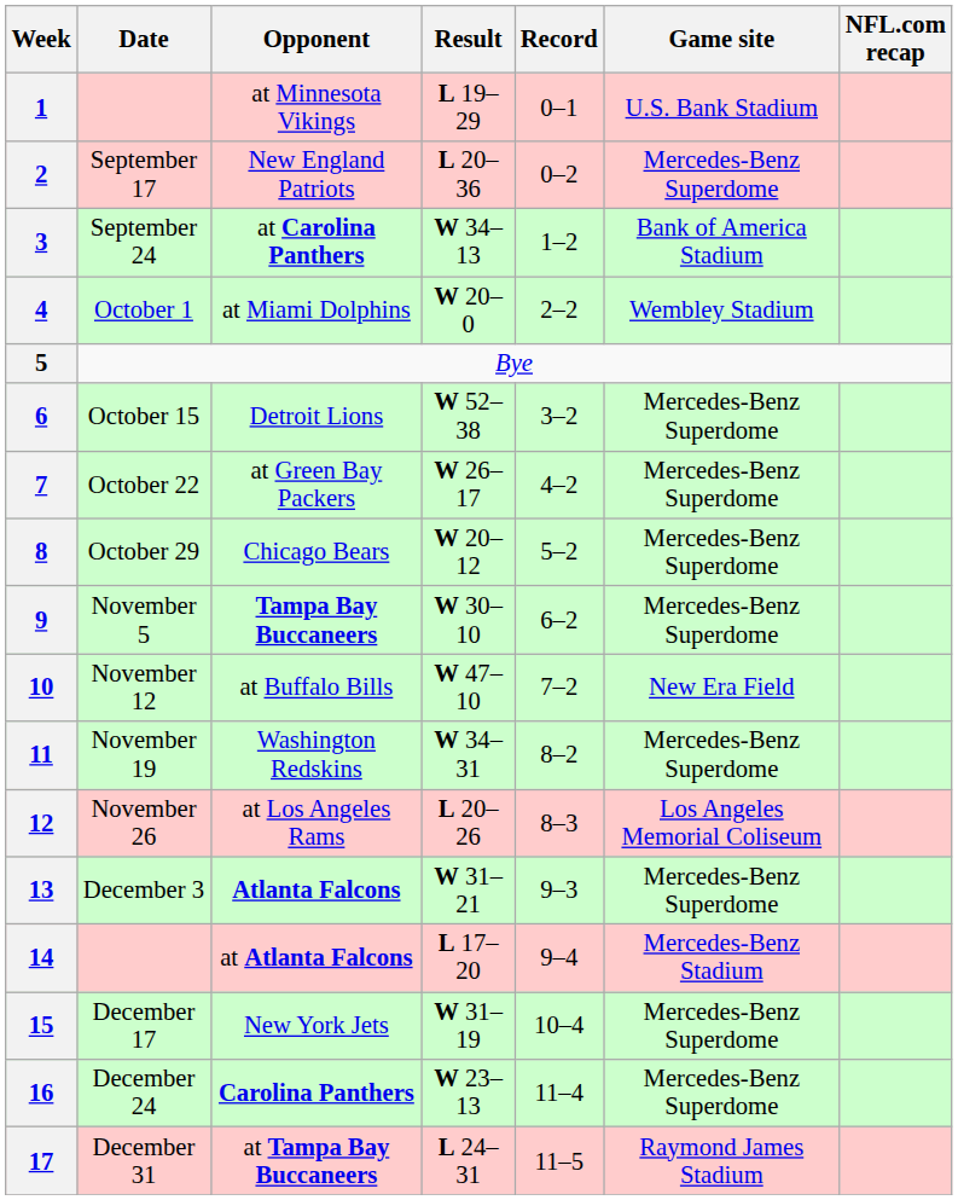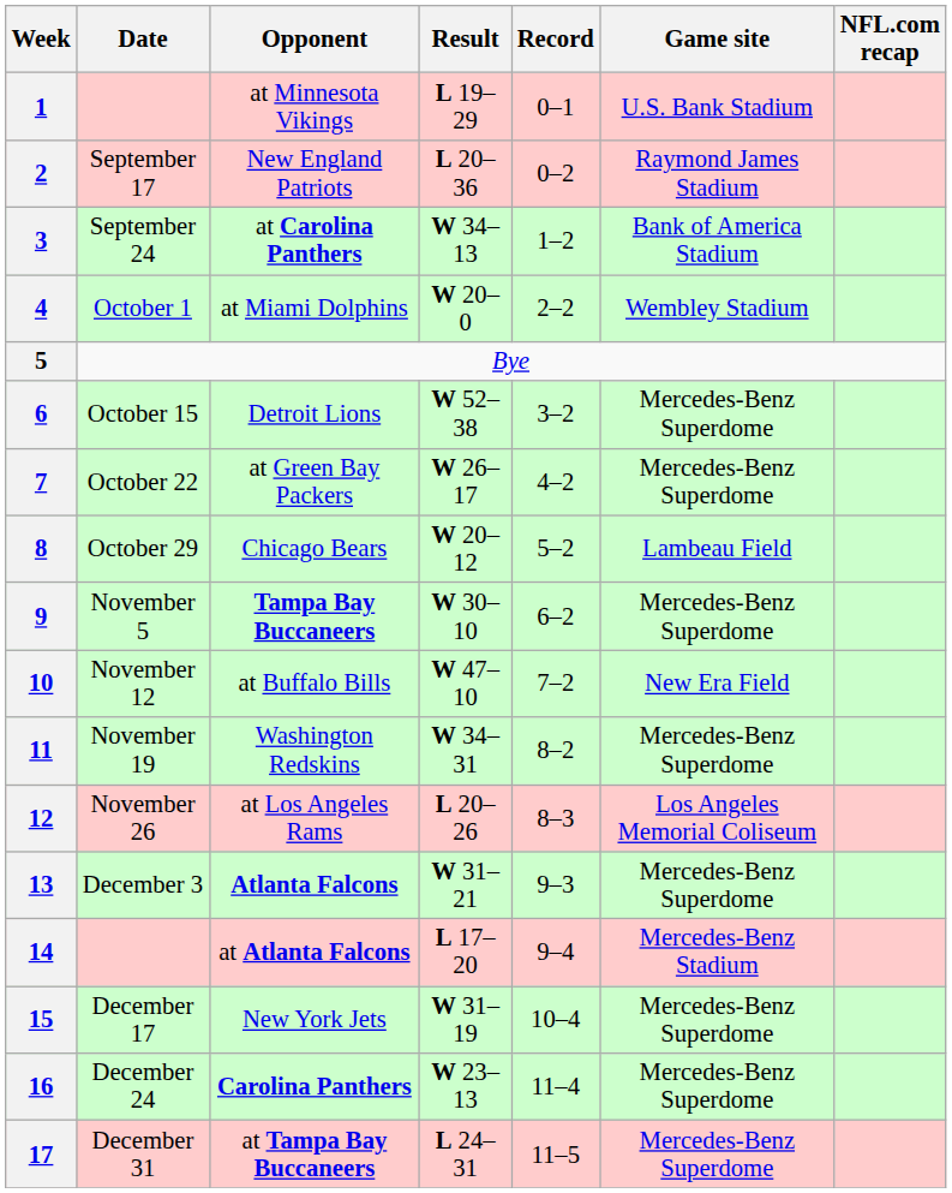 <table class="wikitable" style="text-align:center">
 <tr>
 <th>Week</th>
 <th>Date</th>
 <th>Opponent</th>
 <th>Result</th>
 <th>Record</th>
 <th>Game site</th>
 <th>NFL.com<br>recap</th>
 </tr>
 <tr style="background:#fcc">
 <th><a href='#'>1</a></th>
 <td></td>
 <td>at <a href='#'>Minnesota Vikings</a></td>
 <td><strong>L</strong> 19–29</td>
 <td>0–1</td>
 <td><a href='#'>U.S. Bank Stadium</a></td>
 <td></td>
 </tr>
 <tr style="background:#fcc">
 <th><a href='#'>2</a></th>
 <td>September 17</td>
 <td><a href='#'>New England Patriots</a></td>
 <td><strong>L</strong> 20–36</td>
 <td>0–2</td>
-<td><a href='#'>Mercedes-Benz Superdome</a></td>
+<td><a href='#'>Raymond James Stadium</a></td>
 <td></td>
 </tr>
 <tr style="background:#cfc">
 <th><a href='#'>3</a></th>
 <td>September 24</td>
 <td>at <strong><a href='#'>Carolina Panthers</a></strong></td>
 <td><strong>W</strong> 34–13</td>
 <td>1–2</td>
 <td><a href='#'>Bank of America Stadium</a></td>
 <td></td>
 </tr>
 <tr style="background:#cfc">
 <th><a href='#'>4</a></th>
 <td><a href='#'>October 1</a></td>
 <td>at <a href='#'>Miami Dolphins</a></td>
 <td><strong>W</strong> 20–0</td>
 <td>2–2</td>
 <td> <a href='#'>Wembley Stadium</a> </td>
 <td></td>
 </tr>
 <tr>
 <th>5</th>
 <td colspan=6><em><a href='#'>Bye</a></em></td>
 </tr>
 <tr style="background:#cfc">
 <th><a href='#'>6</a></th>
 <td>October 15</td>
 <td><a href='#'>Detroit Lions</a></td>
 <td><strong>W</strong> 52–38</td>
 <td>3–2</td>
 <td>Mercedes-Benz Superdome</td>
 <td></td>
 </tr>
 <tr style="background:#cfc">
 <th><a href='#'>7</a></th>
 <td>October 22</td>
 <td>at <a href='#'>Green Bay Packers</a></td>
 <td><strong>W</strong> 26–17</td>
 <td>4–2</td>
 <td>Mercedes-Benz Superdome</td>
 <td></td>
 </tr>
 <tr style="background:#cfc">
 <th><a href='#'>8</a></th>
 <td>October 29</td>
 <td><a href='#'>Chicago Bears</a></td>
 <td><strong>W</strong> 20–12</td>
 <td>5–2</td>
-<td>Mercedes-Benz Superdome</td>
+<td><a href='#'>Lambeau Field</a></td>
 <td></td>
 </tr>
 <tr style="background:#cfc">
 <th><a href='#'>9</a></th>
 <td>November 5</td>
 <td><strong><a href='#'>Tampa Bay Buccaneers</a></strong></td>
 <td><strong>W</strong> 30–10</td>
 <td>6–2</td>
 <td>Mercedes-Benz Superdome</td>
 <td></td>
 </tr>
 <tr style="background:#cfc">
 <th><a href='#'>10</a></th>
 <td>November 12</td>
 <td>at <a href='#'>Buffalo Bills</a></td>
 <td><strong>W</strong> 47–10</td>
 <td>7–2</td>
 <td><a href='#'>New Era Field</a></td>
 <td></td>
 </tr>
 <tr style="background:#cfc">
 <th><a href='#'>11</a></th>
 <td>November 19</td>
 <td><a href='#'>Washington Redskins</a></td>
 <td><strong>W</strong> 34–31 </td>
 <td>8–2</td>
 <td>Mercedes-Benz Superdome</td>
 <td></td>
 </tr>
 <tr style="background:#fcc">
 <th><a href='#'>12</a></th>
 <td>November 26</td>
 <td>at <a href='#'>Los Angeles Rams</a></td>
 <td><strong>L</strong> 20–26</td>
 <td>8–3</td>
 <td><a href='#'>Los Angeles Memorial Coliseum</a></td>
 <td></td>
 </tr>
 <tr style="background:#cfc">
 <th><a href='#'>13</a></th>
 <td>December 3</td>
 <td><strong><a href='#'>Atlanta Falcons</a></strong></td>
 <td><strong>W</strong> 31–21</td>
 <td>9–3</td>
 <td>Mercedes-Benz Superdome</td>
 <td></td>
 </tr>
 <tr style="background:#fcc">
 <th><a href='#'>14</a></th>
 <td></td>
 <td>at <strong><a href='#'>Atlanta Falcons</a></strong></td>
 <td><strong>L</strong> 17–20</td>
 <td>9–4</td>
 <td><a href='#'>Mercedes-Benz Stadium</a></td>
 <td></td>
 </tr>
 <tr style="background:#cfc">
 <th><a href='#'>15</a></th>
 <td>December 17</td>
 <td><a href='#'>New York Jets</a></td>
 <td><strong>W</strong> 31–19</td>
 <td>10–4</td>
 <td>Mercedes-Benz Superdome</td>
 <td></td>
 </tr>
 <tr style="background:#cfc">
 <th><a href='#'>16</a></th>
 <td>December 24</td>
 <td><strong><a href='#'>Carolina Panthers</a></strong></td>
 <td><strong>W</strong> 23–13</td>
 <td>11–4</td>
 <td>Mercedes-Benz Superdome</td>
 <td></td>
 </tr>
 <tr style="background:#fcc">
 <th><a href='#'>17</a></th>
 <td>December 31</td>
 <td>at <strong><a href='#'>Tampa Bay Buccaneers</a></strong></td>
 <td><strong>L</strong> 24–31</td>
 <td>11–5</td>
-<td><a href='#'>Raymond James Stadium</a></td>
+<td><a href='#'>Mercedes-Benz Superdome</a></td>
 <td></td>
 </tr>
 </table>
